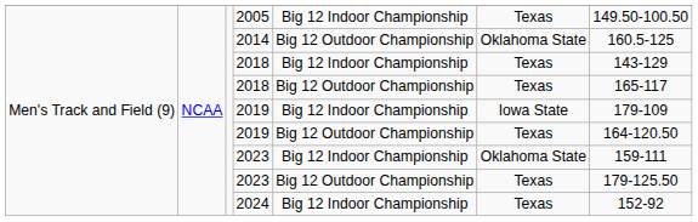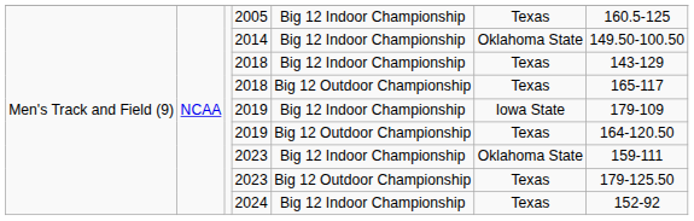 <table class="wikitable">
 <tr align="center">
 </tr>
 <tr align="center">
 <td rowspan="10">Men's Track and Field (9)</td>
 <td rowspan="10"><a href='#'>NCAA</a></td>
 <td rowspan="10"></td>
 </tr>
 <tr align="center">
 <td>2005</td>
 <td>Big 12 Indoor Championship</td>
 <td>Texas</td>
-<td>149.50-100.50</td>
+<td>160.5-125</td>
 </tr>
 <tr align="center">
 <td>2014</td>
-<td>Big 12 Outdoor Championship</td>
+<td>Big 12 Indoor Championship</td>
 <td>Oklahoma State</td>
-<td>160.5-125</td>
+<td>149.50-100.50</td>
 </tr>
 <tr align="center">
 <td>2018</td>
 <td>Big 12 Indoor Championship</td>
 <td>Texas</td>
 <td>143-129</td>
 </tr>
 <tr align="center">
 <td>2018</td>
 <td>Big 12 Outdoor Championship</td>
 <td>Texas</td>
 <td>165-117</td>
 </tr>
 <tr align="center">
 <td>2019</td>
 <td>Big 12 Indoor Championship</td>
 <td>Iowa State</td>
 <td>179-109</td>
 </tr>
 <tr align="center">
 <td>2019</td>
 <td>Big 12 Outdoor Championship</td>
 <td>Texas</td>
 <td>164-120.50</td>
 </tr>
 <tr align="center">
 <td>2023</td>
 <td>Big 12 Indoor Championship</td>
 <td>Oklahoma State</td>
 <td>159-111</td>
 </tr>
 <tr align="center">
 <td>2023</td>
 <td>Big 12 Outdoor Championship</td>
 <td>Texas</td>
 <td>179-125.50</td>
 </tr>
 <tr align="center">
 <td>2024</td>
 <td>Big 12 Indoor Championship</td>
 <td>Texas</td>
 <td>152-92</td>
 </tr>
 </table>
